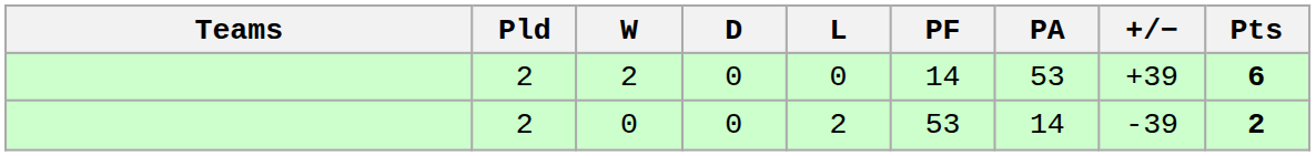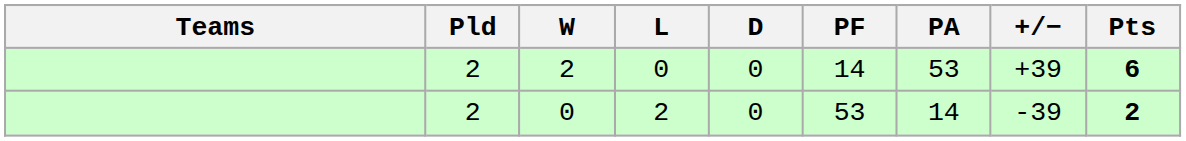 <table class="wikitable" style="text-align: center;">
 <tr>
 <th width="200">Teams</th>
 <th width="40">Pld</th>
 <th width="40">W</th>
+<th width="40">L</th>
 <th width="40">D</th>
-<th width="40">L</th>
 <th width="40">PF</th>
 <th width="40">PA</th>
 <th width="40">+/−</th>
 <th width="40">Pts</th>
 </tr>
 <tr bgcolor=ccffcc>
 <td align=left></td>
 <td>2</td>
 <td>2</td>
 <td>0</td>
 <td>0</td>
 <td>14</td>
 <td>53</td>
 <td>+39</td>
 <td><strong>6</strong></td>
 </tr>
 <tr bgcolor=ccffcc>
 <td align=left></td>
 <td>2</td>
 <td>0</td>
+<td>2</td>
 <td>0</td>
-<td>2</td>
 <td>53</td>
 <td>14</td>
 <td>-39</td>
 <td><strong>2</strong></td>
 </tr>
 </table>
